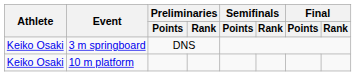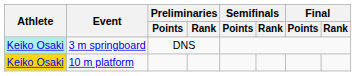 <table class=wikitable style="font-size:90%">
 <tr>
 <th rowspan="2">Athlete</th>
 <th rowspan="2">Event</th>
 <th colspan="2">Preliminaries</th>
 <th colspan="2">Semifinals</th>
 <th colspan="2">Final</th>
 </tr>
 <tr style="font-size:95%">
 <th>Points</th>
 <th>Rank</th>
 <th>Points</th>
 <th>Rank</th>
 <th>Points</th>
 <th>Rank</th>
 </tr>
 <tr align=center>
-<td align=left><a href='#'>Keiko Osaki</a></td>
+<td align=left style="background: paleturquoise;"><a href='#'>Keiko Osaki</a></td>
 <td align=left rowspan=1><a href='#'>3 m springboard</a></td>
 <td colspan=2>DNS</td>
 </tr>
 <tr align=center>
-<td align=left><a href='#'>Keiko Osaki</a></td>
+<td align=left style="background: gold;"><a href='#'>Keiko Osaki</a></td>
 <td align=left rowspan=1><a href='#'>10 m platform</a></td>
 <td></td>
 <td></td>
 <td></td>
 <td></td>
 <td></td>
 <td></td>
 </tr>
 </table>
